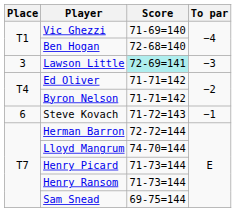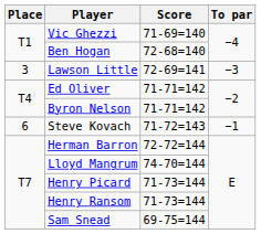 <table class=wikitable>
 <tr>
 <th>Place</th>
 <th>Player</th>
 <th>Score</th>
 <th>To par</th>
 </tr>
 <tr>
 <td rowspan=2 align=center>T1</td>
 <td> <a href='#'>Vic Ghezzi</a></td>
 <td>71-69=140</td>
 <td rowspan=2 align=center>−4</td>
 </tr>
 <tr>
 <td> <a href='#'>Ben Hogan</a></td>
 <td>72-68=140</td>
 </tr>
 <tr>
 <td align=center>3</td>
 <td> <a href='#'>Lawson Little</a></td>
-<td style="background: paleturquoise;">72-69=141</td>
+<td>72-69=141</td>
 <td align=center>−3</td>
 </tr>
 <tr>
 <td rowspan=2 align=center>T4</td>
 <td> <a href='#'>Ed Oliver</a></td>
 <td>71-71=142</td>
 <td rowspan=2 align=center>−2</td>
 </tr>
 <tr>
 <td> <a href='#'>Byron Nelson</a></td>
 <td>71-71=142</td>
 </tr>
 <tr>
 <td align=center>6</td>
 <td> Steve Kovach</td>
 <td>71-72=143</td>
 <td align=center>−1</td>
 </tr>
 <tr>
 <td rowspan=5 align=center>T7</td>
 <td> <a href='#'>Herman Barron</a></td>
 <td>72-72=144</td>
 <td rowspan=5 align=center>E</td>
 </tr>
 <tr>
 <td> <a href='#'>Lloyd Mangrum</a></td>
 <td>74-70=144</td>
 </tr>
 <tr>
 <td> <a href='#'>Henry Picard</a></td>
 <td>71-73=144</td>
 </tr>
 <tr>
 <td> <a href='#'>Henry Ransom</a></td>
 <td>71-73=144</td>
 </tr>
 <tr>
 <td> <a href='#'>Sam Snead</a></td>
 <td>69-75=144</td>
 </tr>
 </table>
